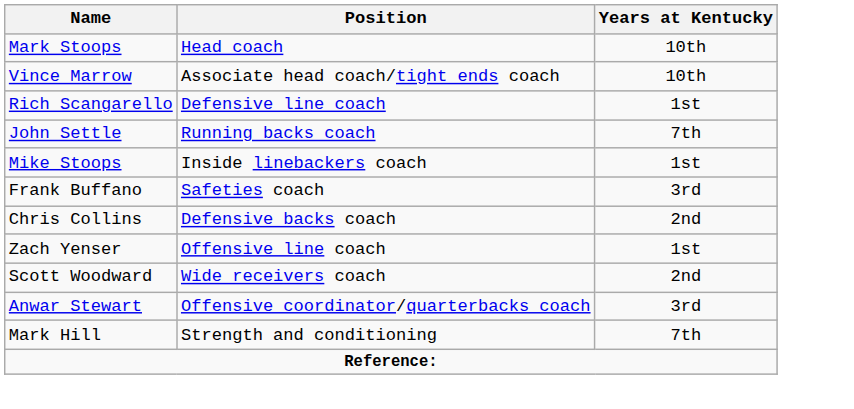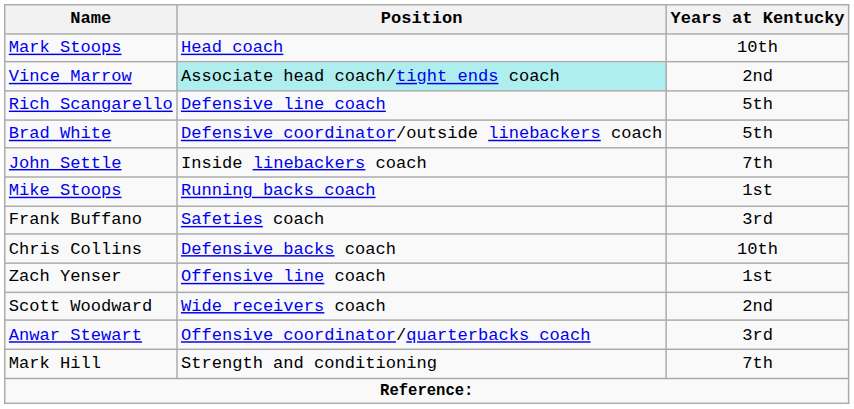 <table class="wikitable" style="font-size:90%;">
 <tr>
 <th><strong>Name</strong></th>
 <th><strong>Position</strong></th>
 <th><strong>Years at Kentucky</strong></th>
 </tr>
 <tr>
 <td><a href='#'>Mark Stoops</a></td>
 <td><a href='#'>Head coach</a></td>
 <td align=center>10th</td>
 </tr>
 <tr>
 <td><a href='#'>Vince Marrow</a></td>
-<td>Associate head coach/<a href='#'>tight ends</a> coach</td>
-<td align=center>10th</td>
+<td style="background: paleturquoise;">Associate head coach/<a href='#'>tight ends</a> coach</td>
+<td align=center>2nd</td>
 </tr>
 <tr>
 <td><a href='#'>Rich Scangarello</a></td>
 <td><a href='#'>Defensive line coach</a></td>
-<td align="center">1st</td>
+<td align=center>5th</td>
+</tr>
+<tr>
+<td><a href='#'>Brad White</a></td>
+<td><a href='#'>Defensive coordinator</a>/outside <a href='#'>linebackers</a> coach</td>
+<td align=center>5th</td>
 </tr>
 <tr>
 <td><a href='#'>John Settle</a></td>
-<td><a href='#'>Running backs coach</a></td>
+<td>Inside <a href='#'>linebackers</a> coach</td>
 <td align=center>7th</td>
 </tr>
 <tr>
 <td><a href='#'>Mike Stoops</a></td>
-<td>Inside <a href='#'>linebackers</a> coach</td>
+<td><a href='#'>Running backs coach</a></td>
 <td align=center>1st</td>
 </tr>
 <tr>
 <td>Frank Buffano</td>
 <td><a href='#'>Safeties</a> coach</td>
 <td align=center>3rd</td>
 </tr>
 <tr>
 <td>Chris Collins</td>
 <td><a href='#'>Defensive backs</a> coach</td>
-<td align=center>2nd</td>
+<td align=center>10th</td>
 </tr>
 <tr>
 <td>Zach Yenser</td>
 <td><a href='#'>Offensive line</a> coach</td>
 <td align=center>1st</td>
 </tr>
 <tr>
 <td>Scott Woodward</td>
 <td><a href='#'>Wide receivers</a> coach</td>
 <td align=center>2nd</td>
 </tr>
 <tr>
 <td><a href='#'>Anwar Stewart</a></td>
 <td><a href='#'>Offensive coordinator</a>/<a href='#'>quarterbacks coach</a></td>
 <td align=center>3rd</td>
 </tr>
 <tr>
 <td>Mark Hill</td>
 <td>Strength and conditioning</td>
 <td align=center>7th</td>
 </tr>
 <tr>
 <td colspan="3" style="font-size:8pt; text-align:center;"><strong>Reference:</strong></td>
 </tr>
 </table>
